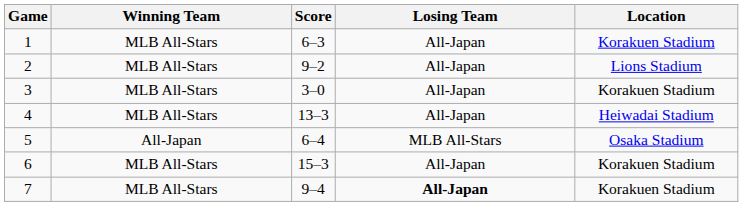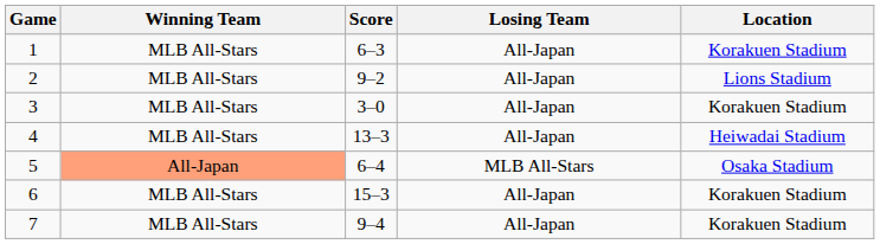 <table class="wikitable">
 <tr>
 <th>Game</th>
 <th>Winning Team</th>
 <th>Score</th>
 <th>Losing Team</th>
 <th>Location</th>
 </tr>
 <tr>
 <td style="width: 2em; text-align:center">1</td>
 <td style="width:15em; text-align:center">MLB All-Stars</td>
 <td style="width: 2em; text-align:center">6–3</td>
 <td style="width:15em; text-align:center">All-Japan</td>
 <td style="width:10em; text-align:center"><a href='#'>Korakuen Stadium</a></td>
 </tr>
 <tr>
 <td style="text-align:center">2</td>
 <td style="text-align:center">MLB All-Stars</td>
 <td style="text-align:center">9–2</td>
 <td style="text-align:center">All-Japan</td>
 <td style="text-align:center"><a href='#'>Lions Stadium</a></td>
 </tr>
 <tr>
 <td style="text-align:center">3</td>
 <td style="text-align:center">MLB All-Stars</td>
 <td style="text-align:center">3–0</td>
 <td style="text-align:center">All-Japan</td>
 <td style="text-align:center">Korakuen Stadium</td>
 </tr>
 <tr>
 <td style="text-align:center">4</td>
 <td style="text-align:center">MLB All-Stars</td>
 <td style="text-align:center">13–3</td>
 <td style="text-align:center">All-Japan</td>
 <td style="text-align:center"><a href='#'>Heiwadai Stadium</a></td>
 </tr>
 <tr>
 <td style="text-align:center">5</td>
-<td style="text-align:center">All-Japan</td>
+<td style="background: lightsalmon; text-align:center">All-Japan</td>
 <td style="text-align:center">6–4</td>
 <td style="text-align:center">MLB All-Stars</td>
 <td style="text-align:center"><a href='#'>Osaka Stadium</a></td>
 </tr>
 <tr>
 <td style="text-align:center">6</td>
 <td style="text-align:center">MLB All-Stars</td>
 <td style="text-align:center">15–3</td>
 <td style="text-align:center">All-Japan</td>
 <td style="text-align:center">Korakuen Stadium</td>
 </tr>
 <tr>
 <td style="text-align:center">7</td>
 <td style="text-align:center">MLB All-Stars</td>
 <td style="text-align:center">9–4</td>
-<td style="text-align:center"><strong>All-Japan</strong></td>
+<td style="text-align:center">All-Japan</td>
 <td style="text-align:center">Korakuen Stadium</td>
 </tr>
 </table>
